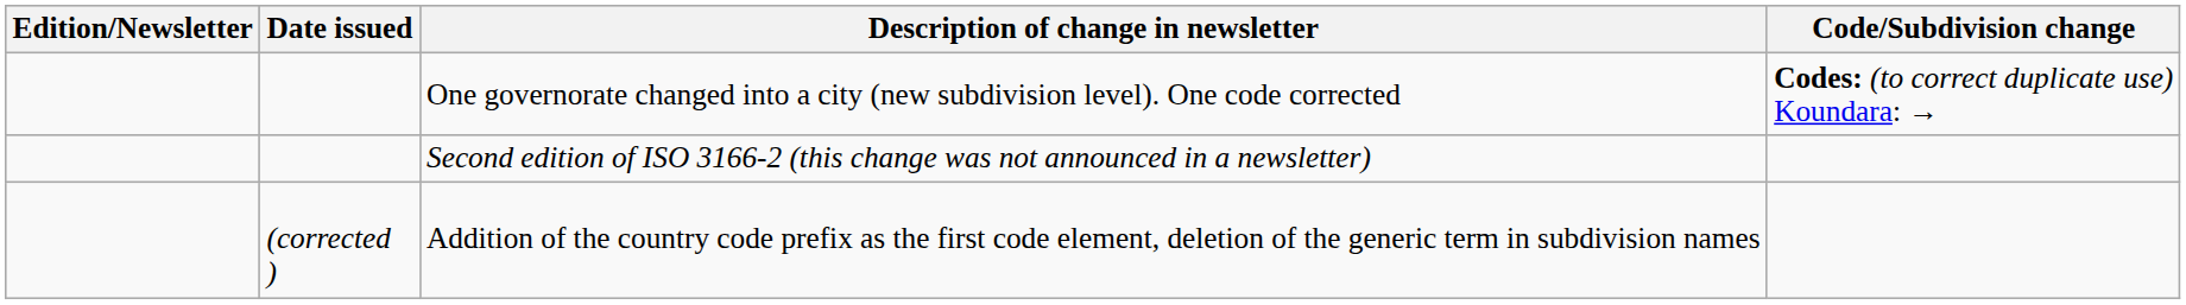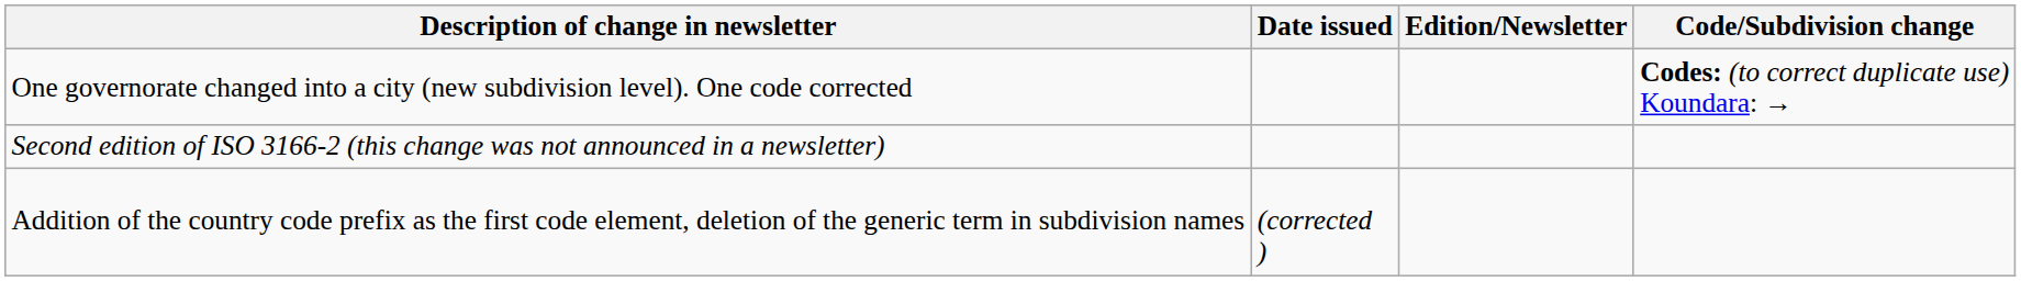 <table class="wikitable">
 <tr>
+<th>Description of change in newsletter</th>
+<th>Date issued</th>
 <th>Edition/Newsletter</th>
-<th>Date issued</th>
-<th>Description of change in newsletter</th>
 <th>Code/Subdivision change</th>
 </tr>
 <tr>
+<td>One governorate changed into a city (new subdivision level). One code corrected</td>
+<td></td>
 <td id="I-2"></td>
-<td></td>
-<td>One governorate changed into a city (new subdivision level). One code corrected</td>
 <td style=white-space:nowrap><strong>Codes:</strong> <em>(to correct duplicate use)</em><br> <a href='#'>Koundara</a>:  → </td>
 </tr>
 <tr>
+<td><em>Second edition of ISO 3166-2 (this change was not announced in a newsletter)</em></td>
+<td></td>
 <td id="II"></td>
-<td></td>
-<td><em>Second edition of ISO 3166-2 (this change was not announced in a newsletter)</em></td>
 <td></td>
 </tr>
 <tr>
+<td>Addition of the country code prefix as the first code element, deletion of the generic term in subdivision names</td>
+<td><br> <em>(corrected<br> )</em></td>
 <td id="II-1"></td>
-<td><br> <em>(corrected<br> )</em></td>
-<td>Addition of the country code prefix as the first code element, deletion of the generic term in subdivision names</td>
 <td></td>
 </tr>
 </table>
